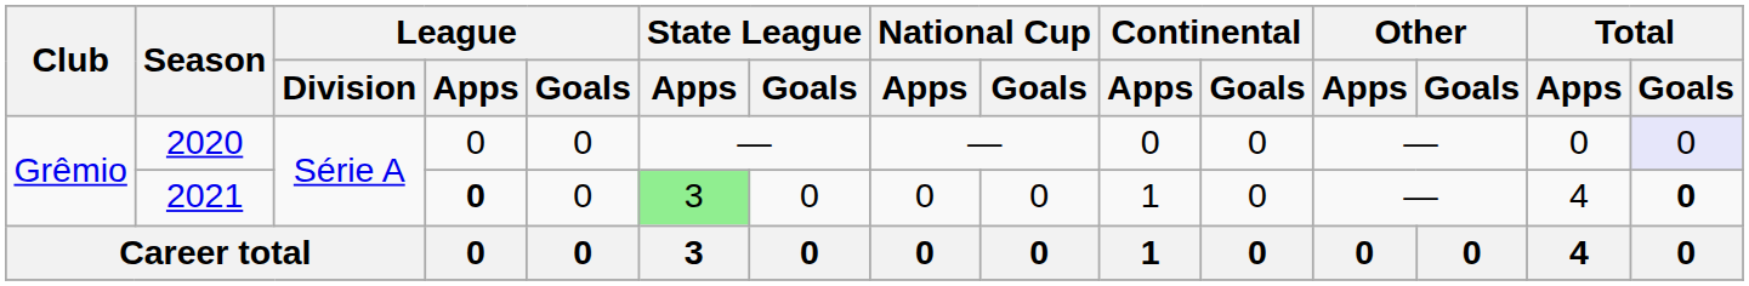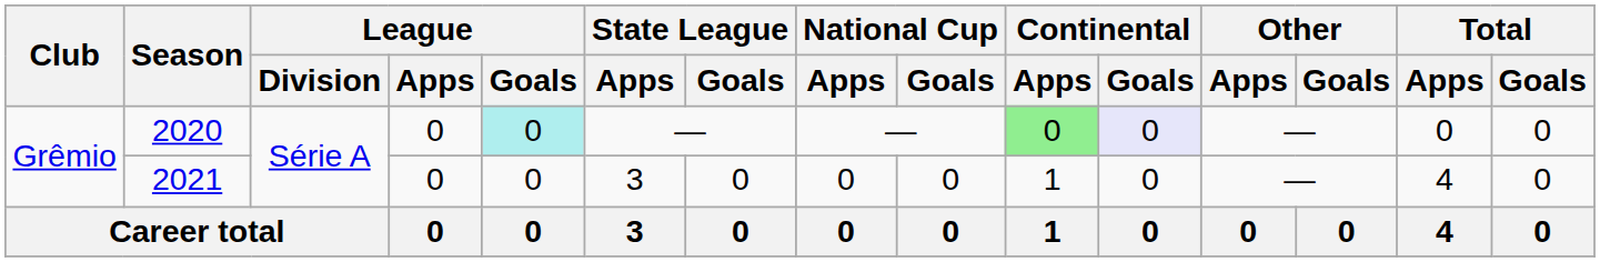 <table class="wikitable" style="text-align: center">
 <tr>
 <th rowspan="2">Club</th>
 <th rowspan="2">Season</th>
 <th colspan="3">League</th>
 <th colspan="2">State League</th>
 <th colspan="2">National Cup</th>
 <th colspan="2">Continental</th>
 <th colspan="2">Other</th>
 <th colspan="2">Total</th>
 </tr>
 <tr>
 <th>Division</th>
 <th>Apps</th>
 <th>Goals</th>
 <th>Apps</th>
 <th>Goals</th>
 <th>Apps</th>
 <th>Goals</th>
 <th>Apps</th>
 <th>Goals</th>
 <th>Apps</th>
 <th>Goals</th>
 <th>Apps</th>
 <th>Goals</th>
 </tr>
 <tr>
 <td rowspan=2><a href='#'>Grêmio</a></td>
 <td><a href='#'>2020</a></td>
 <td rowspan=2><a href='#'>Série A</a></td>
 <td>0</td>
-<td>0</td>
+<td style="background: paleturquoise;">0</td>
 <td colspan="2">—</td>
+<td colspan="2">—</td>
+<td style="background: lightgreen;">0</td>
+<td style="background: lavender;">0</td>
 <td colspan="2">—</td>
 <td>0</td>
 <td>0</td>
-<td colspan="2">—</td>
-<td>0</td>
-<td style="background: lavender;">0</td>
 </tr>
 <tr>
 <td><a href='#'>2021</a></td>
-<td><strong>0</strong></td>
 <td>0</td>
-<td style="background: lightgreen;">3</td>
+<td>0</td>
+<td>3</td>
 <td>0</td>
 <td>0</td>
 <td>0</td>
 <td>1</td>
 <td>0</td>
 <td colspan="2">—</td>
 <td>4</td>
-<td><strong>0</strong></td>
+<td>0</td>
 </tr>
 <tr>
 <th colspan="3"><strong>Career total</strong></th>
 <th>0</th>
 <th>0</th>
 <th>3</th>
 <th>0</th>
 <th>0</th>
 <th>0</th>
 <th>1</th>
 <th>0</th>
 <th>0</th>
 <th>0</th>
 <th>4</th>
 <th>0</th>
 </tr>
 </table>
